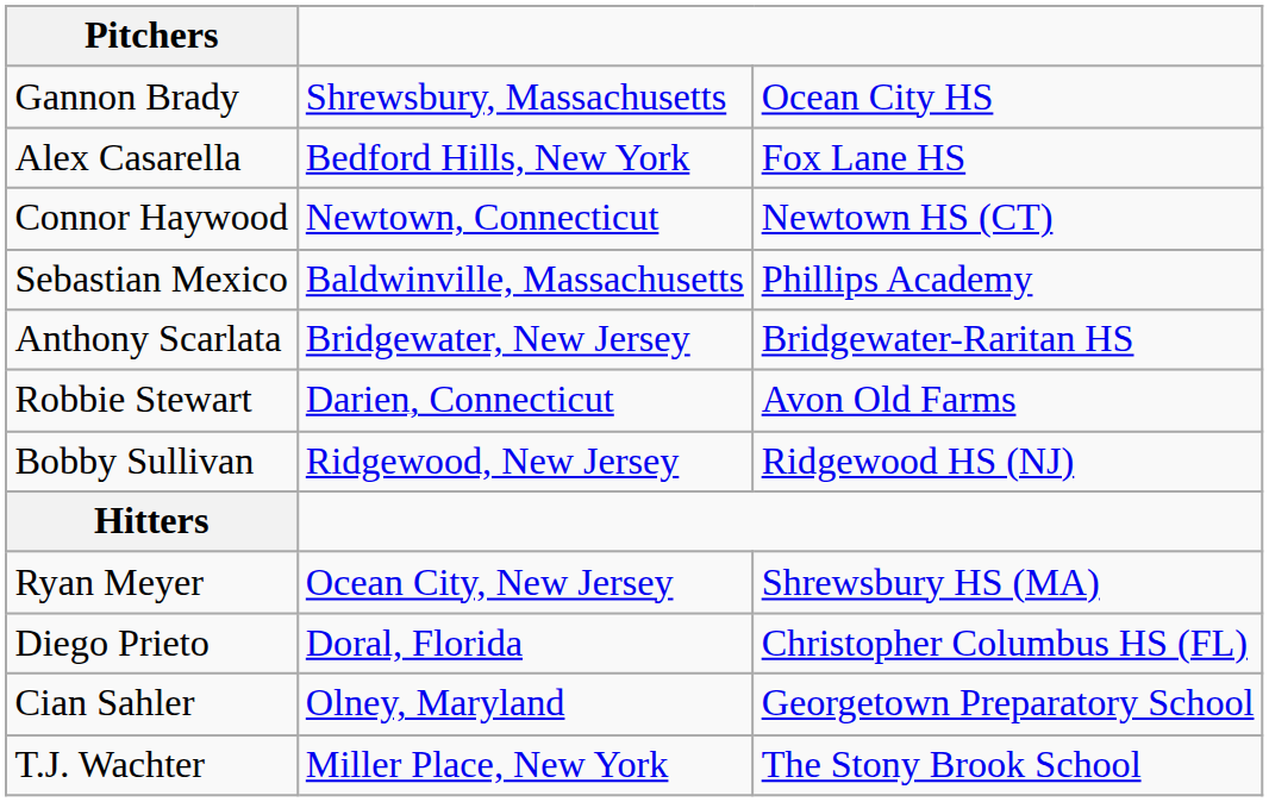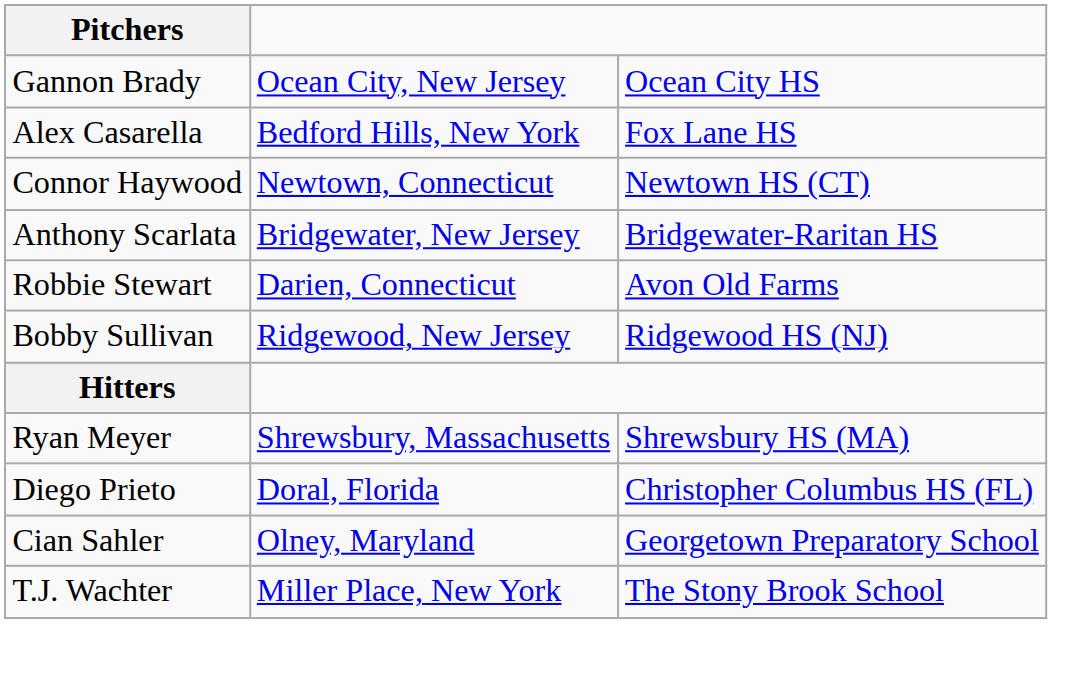 <table class="wikitable">
 <tr>
 <th>Pitchers</th>
 </tr>
 <tr>
 <td>Gannon Brady</td>
-<td><a href='#'>Shrewsbury, Massachusetts</a></td>
+<td><a href='#'>Ocean City, New Jersey</a></td>
 <td><a href='#'>Ocean City HS</a></td>
 </tr>
 <tr>
 <td>Alex Casarella</td>
 <td><a href='#'>Bedford Hills, New York</a></td>
 <td><a href='#'>Fox Lane HS</a></td>
 </tr>
 <tr>
 <td>Connor Haywood</td>
 <td><a href='#'>Newtown, Connecticut</a></td>
 <td><a href='#'>Newtown HS (CT)</a></td>
-</tr>
-<tr>
-<td>Sebastian Mexico</td>
-<td><a href='#'>Baldwinville, Massachusetts</a></td>
-<td><a href='#'>Phillips Academy</a></td>
 </tr>
 <tr>
 <td>Anthony Scarlata</td>
 <td><a href='#'>Bridgewater, New Jersey</a></td>
 <td><a href='#'>Bridgewater-Raritan HS</a></td>
 </tr>
 <tr>
 <td>Robbie Stewart</td>
 <td><a href='#'>Darien, Connecticut</a></td>
 <td><a href='#'>Avon Old Farms</a></td>
 </tr>
 <tr>
 <td>Bobby Sullivan</td>
 <td><a href='#'>Ridgewood, New Jersey</a></td>
 <td><a href='#'>Ridgewood HS (NJ)</a></td>
 </tr>
 <tr>
 <th>Hitters</th>
 </tr>
 <tr>
 <td>Ryan Meyer</td>
-<td><a href='#'>Ocean City, New Jersey</a></td>
+<td><a href='#'>Shrewsbury, Massachusetts</a></td>
 <td><a href='#'>Shrewsbury HS (MA)</a></td>
 </tr>
 <tr>
 <td>Diego Prieto</td>
 <td><a href='#'>Doral, Florida</a></td>
 <td><a href='#'>Christopher Columbus HS (FL)</a></td>
 </tr>
 <tr>
 <td>Cian Sahler</td>
 <td><a href='#'>Olney, Maryland</a></td>
 <td><a href='#'>Georgetown Preparatory School</a></td>
 </tr>
 <tr>
 <td>T.J. Wachter</td>
 <td><a href='#'>Miller Place, New York</a></td>
 <td><a href='#'>The Stony Brook School</a></td>
 </tr>
 </table>
